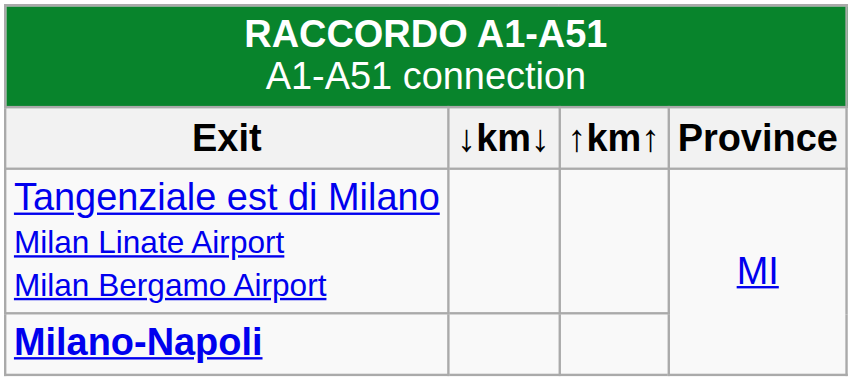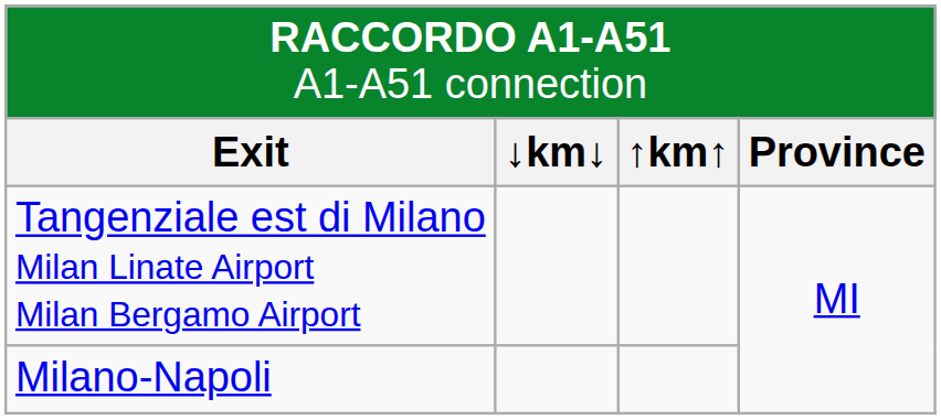 <table class="wikitable">
 <tr>
 </tr>
 <tr align="center" style="color: white;font-size:100%;" bgcolor="#08842c">
 <td colspan="6"> <strong>RACCORDO A1-A51</strong><br>A1-A51 connection</td>
 </tr>
 <tr>
 <th><strong>Exit</strong></th>
 <th align="center"><strong>↓km↓</strong></th>
 <th align="center"><strong>↑km↑</strong></th>
 <th align="center"><strong>Province</strong></th>
 </tr>
 <tr>
 <td>  <a href='#'>Tangenziale est di Milano</a><br><small> <a href='#'>Milan Linate Airport</a></small><br><small> <a href='#'>Milan Bergamo Airport</a></small></td>
 <td align="right"></td>
 <td align="right"></td>
 <td align="center" rowspan="2"><a href='#'>MI</a></td>
 </tr>
 <tr>
-<td><strong>   <a href='#'>Milano-Napoli</a></strong></td>
+<td>   <a href='#'>Milano-Napoli</a></td>
 <td align="right"></td>
 <td align="right"></td>
 </tr>
 </table>
